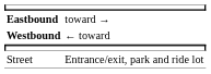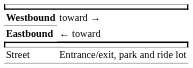 <table table border=0 cellspacing=0 cellpadding=3>
 <tr>
 <td style="border-top:solid 1px gray;border-right:solid 2px black;border-left:solid 2px black;border-bottom:solid 2px black;text-align:center" colspan=2></td>
 </tr>
 <tr>
-<td><strong>Eastbound</strong></td>
+<td style="border-bottom:solid 1px gray"><strong>Westbound</strong></td>
 <td>  toward   →</td>
 </tr>
 <tr>
-<td style="border-bottom:solid 1px gray"><strong>Westbound</strong></td>
+<td><strong>Eastbound</strong></td>
 <td style="border-bottom:solid 1px gray">←  toward  </td>
 </tr>
 <tr>
 <td style="border-right:solid 2px black;border-left:solid 2px black;border-top:solid 2px black;border-bottom:solid 1px gray;text-align:center" colspan=2></td>
 </tr>
 <tr>
 <td style="border-bottom:solid 1px gray" valign="top">Street</td>
 <td style="border-bottom:solid 1px gray" valign="top">Entrance/exit, park and ride lot</td>
 </tr>
 </table>
